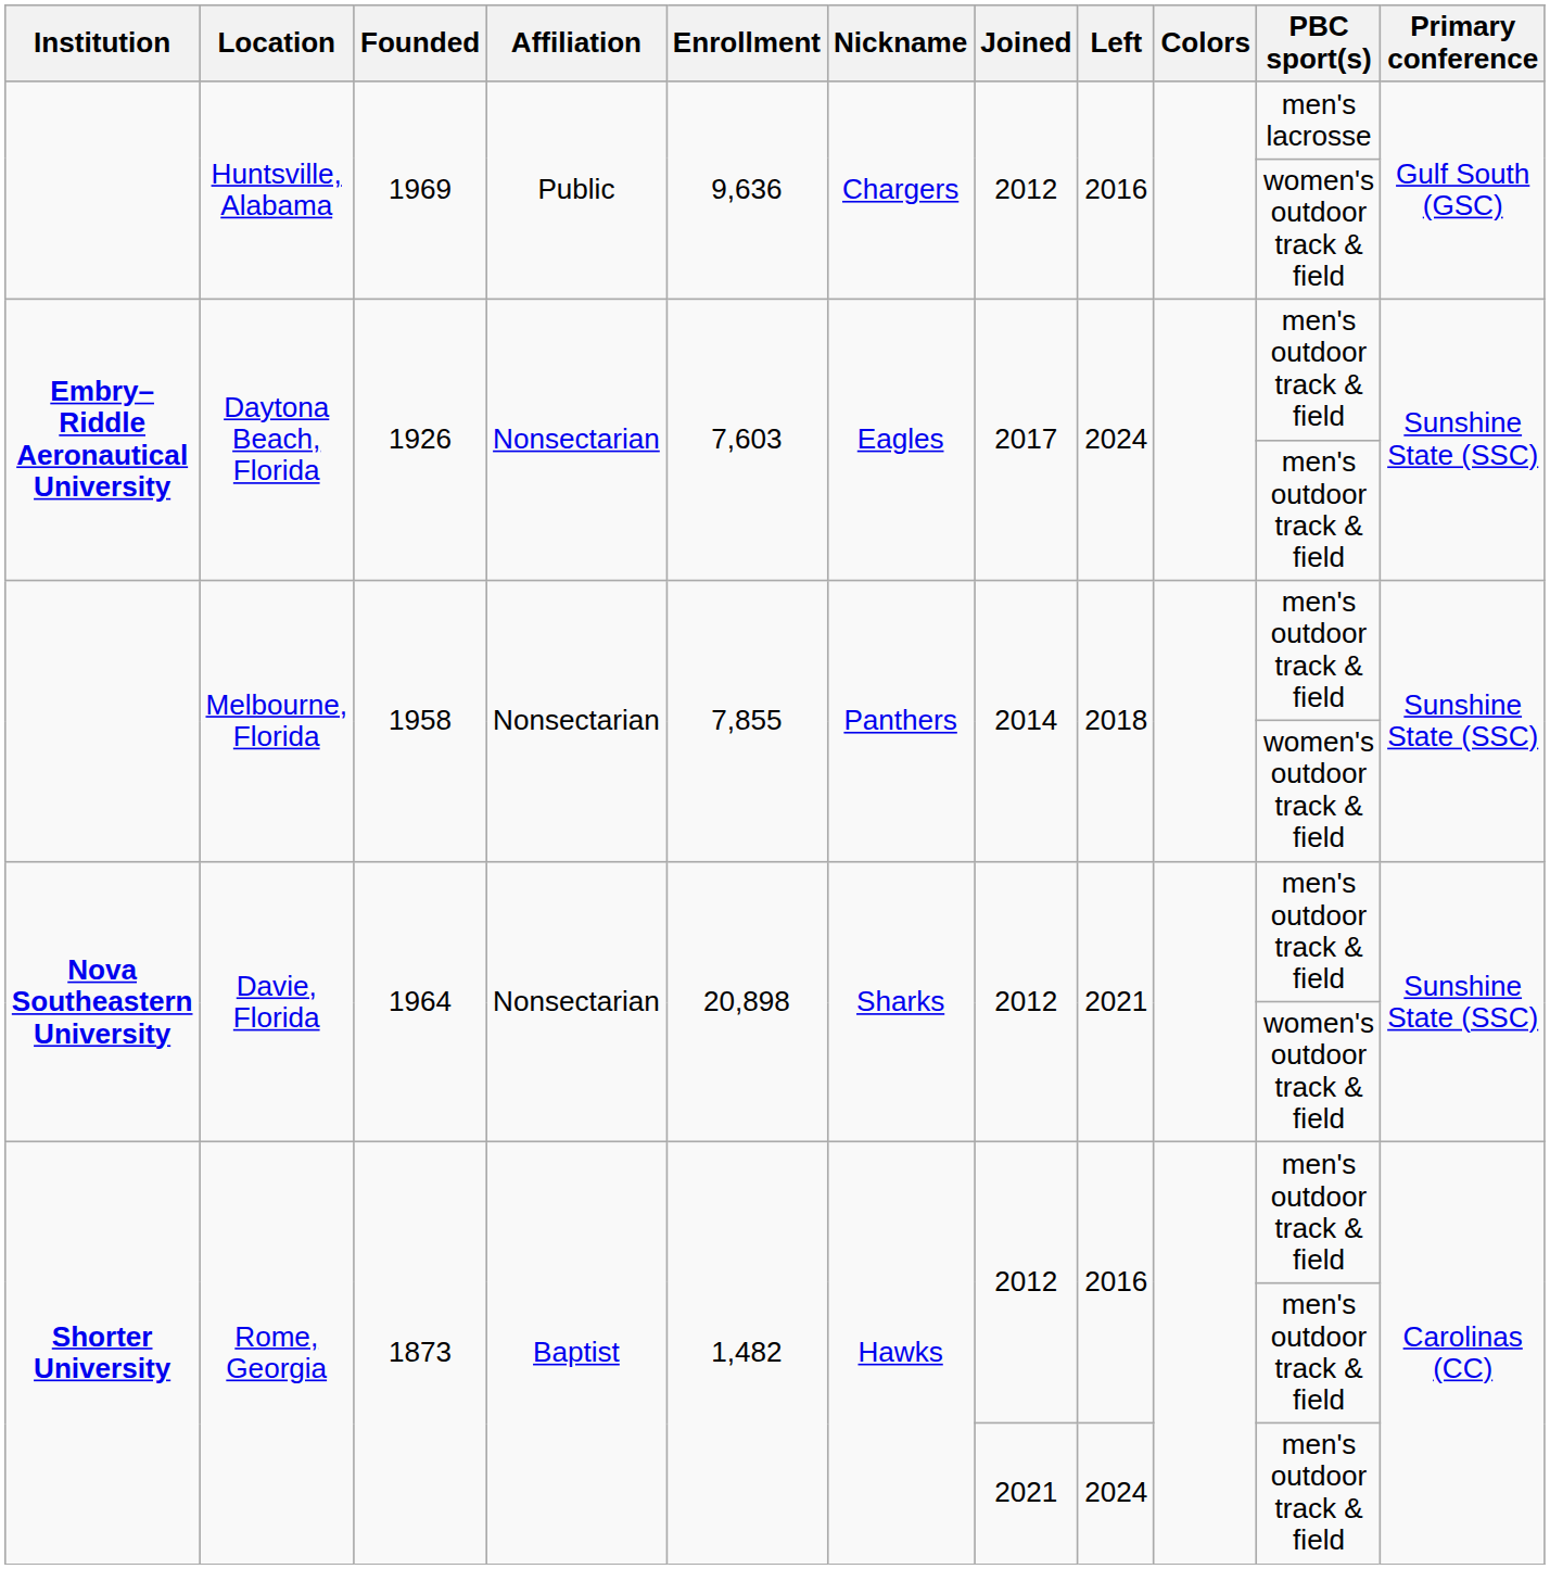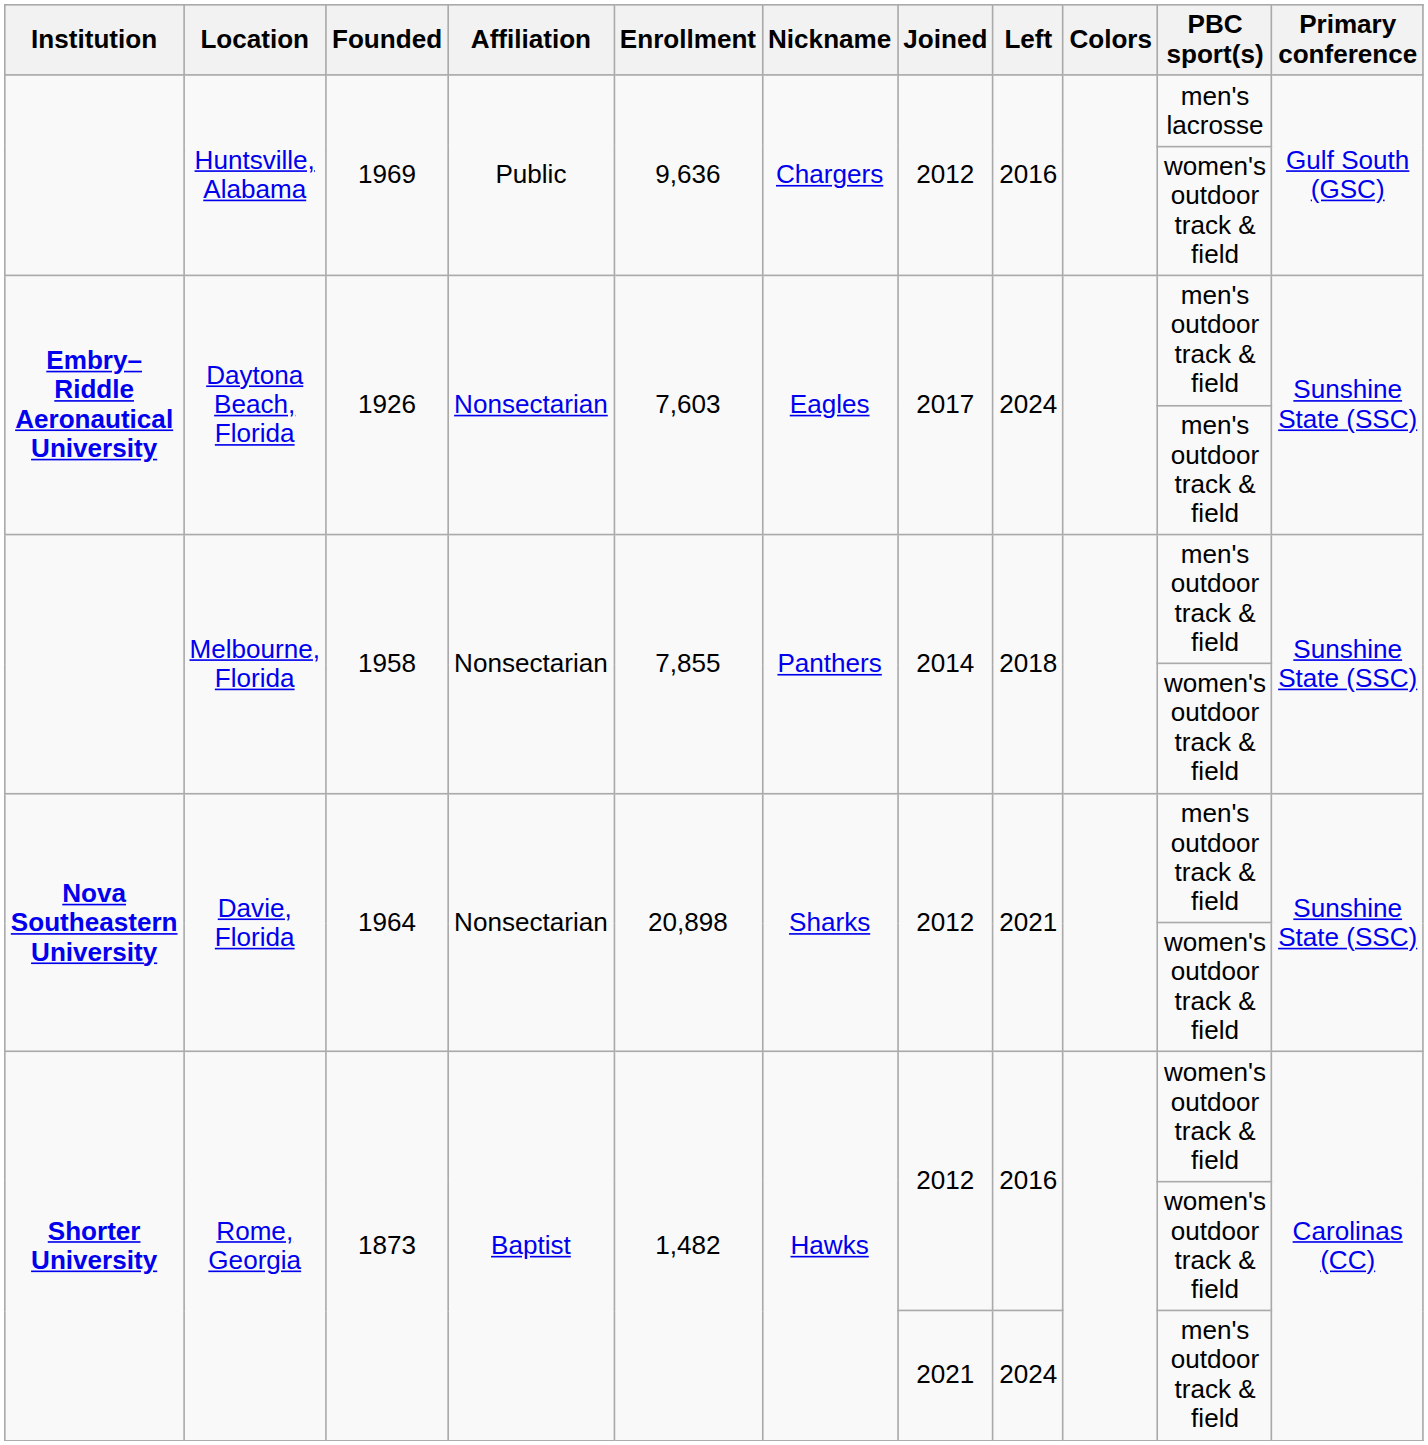 <table class="wikitable sortable" style="text-align:center">
 <tr>
 <th>Institution</th>
 <th>Location</th>
 <th>Founded</th>
 <th>Affiliation</th>
 <th>Enrollment</th>
 <th>Nickname</th>
 <th>Joined</th>
 <th>Left</th>
 <th class="unsortable">Colors</th>
 <th>PBC<br>sport(s)</th>
 <th>Primary<br>conference</th>
 </tr>
 <tr>
 <td rowspan="2"></td>
 <td rowspan="2"><a href='#'>Huntsville, Alabama</a></td>
 <td rowspan="2">1969</td>
 <td rowspan="2">Public</td>
 <td rowspan="2">9,636</td>
 <td rowspan="2"><a href='#'>Chargers</a></td>
 <td rowspan="2">2012</td>
 <td rowspan="2">2016</td>
 <td rowspan="2"></td>
 <td>men's lacrosse</td>
 <td rowspan="2"><a href='#'>Gulf South (GSC)</a></td>
 </tr>
 <tr>
 <td>women's outdoor track & field</td>
 </tr>
 <tr>
 <td rowspan="2"><strong><a href='#'>Embry–Riddle Aeronautical University</a></strong></td>
 <td rowspan="2"><a href='#'>Daytona Beach, Florida</a></td>
 <td rowspan="2">1926</td>
 <td rowspan="2"><a href='#'>Nonsectarian</a></td>
 <td rowspan="2">7,603</td>
 <td rowspan="2"><a href='#'>Eagles</a></td>
 <td rowspan="2">2017</td>
 <td rowspan="2">2024</td>
 <td rowspan="2"></td>
 <td>men's outdoor track & field</td>
 <td rowspan="2"><a href='#'>Sunshine State (SSC)</a></td>
 </tr>
 <tr>
 <td>men's outdoor track & field</td>
 </tr>
 <tr>
 <td rowspan="2"></td>
 <td rowspan="2"><a href='#'>Melbourne, Florida</a></td>
 <td rowspan="2">1958</td>
 <td rowspan="2">Nonsectarian</td>
 <td rowspan="2">7,855</td>
 <td rowspan="2"><a href='#'>Panthers</a></td>
 <td rowspan="2">2014</td>
 <td rowspan="2">2018</td>
 <td rowspan="2"></td>
 <td>men's outdoor track & field</td>
 <td rowspan="2"><a href='#'>Sunshine State (SSC)</a></td>
 </tr>
 <tr>
 <td>women's outdoor track & field</td>
 </tr>
 <tr>
 <td rowspan="2"><strong><a href='#'>Nova Southeastern University</a></strong></td>
 <td rowspan="2"><a href='#'>Davie, Florida</a></td>
 <td rowspan="2">1964</td>
 <td rowspan="2">Nonsectarian</td>
 <td rowspan="2">20,898</td>
 <td rowspan="2"><a href='#'>Sharks</a></td>
 <td rowspan="2">2012</td>
 <td rowspan="2">2021</td>
 <td rowspan="2"></td>
 <td>men's outdoor track & field</td>
 <td rowspan="2"><a href='#'>Sunshine State (SSC)</a></td>
 </tr>
 <tr>
 <td>women's outdoor track & field</td>
 </tr>
 <tr>
 <td rowspan="3"><strong><a href='#'>Shorter University</a></strong></td>
 <td rowspan="3"><a href='#'>Rome, Georgia</a></td>
 <td rowspan="3">1873</td>
 <td rowspan="3"><a href='#'>Baptist</a></td>
 <td rowspan="3">1,482</td>
 <td rowspan="3"><a href='#'>Hawks</a></td>
 <td rowspan="2">2012</td>
 <td rowspan="2">2016</td>
 <td rowspan="3"></td>
-<td>men's outdoor track & field</td>
+<td>women's outdoor track & field</td>
 <td rowspan="3"><a href='#'>Carolinas (CC)</a></td>
 </tr>
 <tr>
-<td>men's outdoor track & field</td>
+<td>women's outdoor track & field</td>
 </tr>
 <tr>
 <td>2021</td>
 <td>2024</td>
 <td>men's outdoor track & field</td>
 </tr>
 </table>
